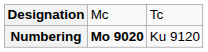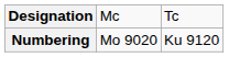 <table class="wikitable">
 <tr>
 <th>Designation</th>
 <td>Mc</td>
 <td>Tc</td>
 </tr>
 <tr>
 <th>Numbering</th>
-<td><strong>Mo 9020</strong></td>
+<td>Mo 9020</td>
 <td>Ku 9120</td>
 </tr>
 </table>
